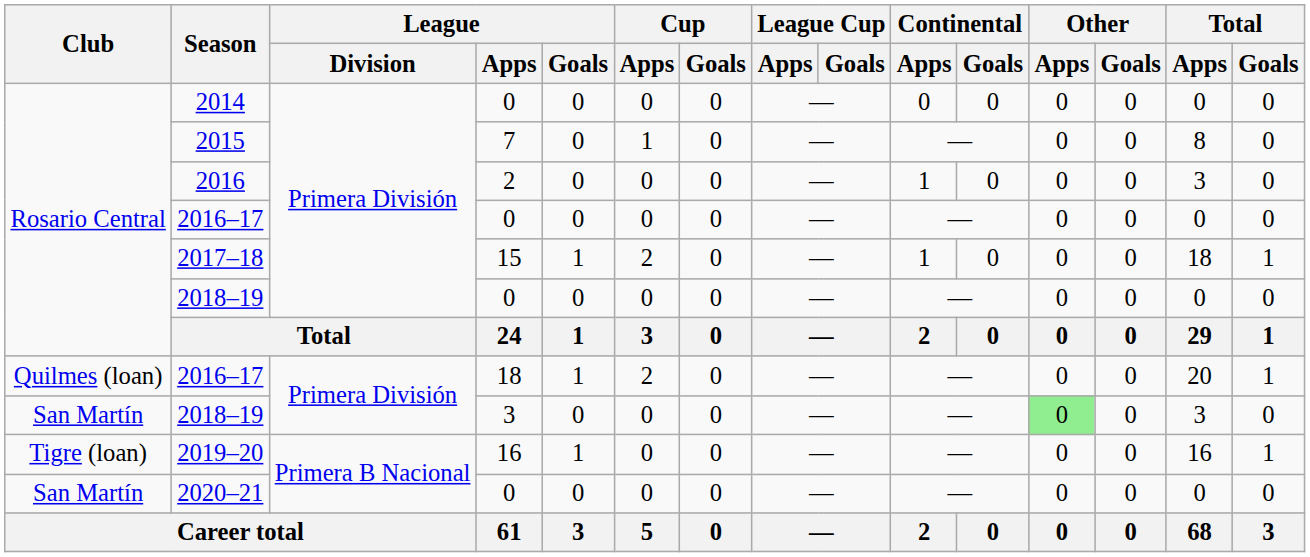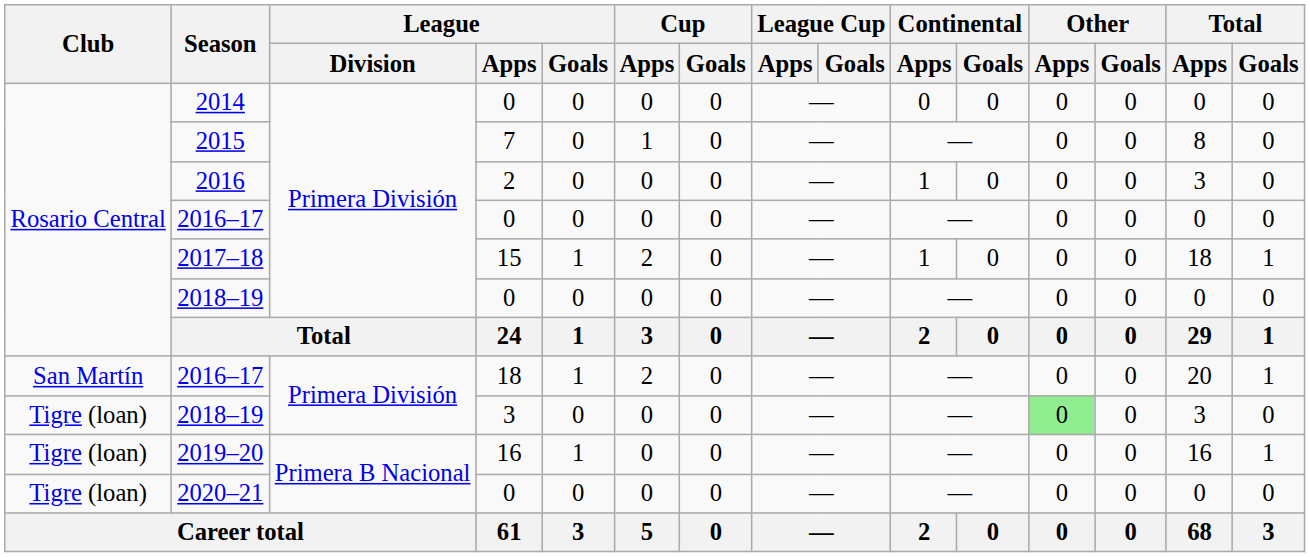 <table class="wikitable" style="text-align:center">
 <tr>
 <th rowspan="2">Club</th>
 <th rowspan="2">Season</th>
 <th colspan="3">League</th>
 <th colspan="2">Cup</th>
 <th colspan="2">League Cup</th>
 <th colspan="2">Continental</th>
 <th colspan="2">Other</th>
 <th colspan="2">Total</th>
 </tr>
 <tr>
 <th>Division</th>
 <th>Apps</th>
 <th>Goals</th>
 <th>Apps</th>
 <th>Goals</th>
 <th>Apps</th>
 <th>Goals</th>
 <th>Apps</th>
 <th>Goals</th>
 <th>Apps</th>
 <th>Goals</th>
 <th>Apps</th>
 <th>Goals</th>
 </tr>
 <tr>
 <td rowspan="7"><a href='#'>Rosario Central</a></td>
 <td><a href='#'>2014</a></td>
 <td rowspan="6"><a href='#'>Primera División</a></td>
 <td>0</td>
 <td>0</td>
 <td>0</td>
 <td>0</td>
 <td colspan="2">—</td>
 <td>0</td>
 <td>0</td>
 <td>0</td>
 <td>0</td>
 <td>0</td>
 <td>0</td>
 </tr>
 <tr>
 <td><a href='#'>2015</a></td>
 <td>7</td>
 <td>0</td>
 <td>1</td>
 <td>0</td>
 <td colspan="2">—</td>
 <td colspan="2">—</td>
 <td>0</td>
 <td>0</td>
 <td>8</td>
 <td>0</td>
 </tr>
 <tr>
 <td><a href='#'>2016</a></td>
 <td>2</td>
 <td>0</td>
 <td>0</td>
 <td>0</td>
 <td colspan="2">—</td>
 <td>1</td>
 <td>0</td>
 <td>0</td>
 <td>0</td>
 <td>3</td>
 <td>0</td>
 </tr>
 <tr>
 <td><a href='#'>2016–17</a></td>
 <td>0</td>
 <td>0</td>
 <td>0</td>
 <td>0</td>
 <td colspan="2">—</td>
 <td colspan="2">—</td>
 <td>0</td>
 <td>0</td>
 <td>0</td>
 <td>0</td>
 </tr>
 <tr>
 <td><a href='#'>2017–18</a></td>
 <td>15</td>
 <td>1</td>
 <td>2</td>
 <td>0</td>
 <td colspan="2">—</td>
 <td>1</td>
 <td>0</td>
 <td>0</td>
 <td>0</td>
 <td>18</td>
 <td>1</td>
 </tr>
 <tr>
 <td><a href='#'>2018–19</a></td>
 <td>0</td>
 <td>0</td>
 <td>0</td>
 <td>0</td>
 <td colspan="2">—</td>
 <td colspan="2">—</td>
 <td>0</td>
 <td>0</td>
 <td>0</td>
 <td>0</td>
 </tr>
 <tr>
 <th colspan="2">Total</th>
 <th>24</th>
 <th>1</th>
 <th>3</th>
 <th>0</th>
 <th colspan="2">—</th>
 <th>2</th>
 <th>0</th>
 <th>0</th>
 <th>0</th>
 <th>29</th>
 <th>1</th>
 </tr>
 <tr>
-<td rowspan="1"><a href='#'>Quilmes</a> (loan)</td>
+<td rowspan="1"><a href='#'>San Martín</a></td>
 <td><a href='#'>2016–17</a></td>
 <td rowspan="2"><a href='#'>Primera División</a></td>
 <td>18</td>
 <td>1</td>
 <td>2</td>
 <td>0</td>
 <td colspan="2">—</td>
 <td colspan="2">—</td>
 <td>0</td>
 <td>0</td>
 <td>20</td>
 <td>1</td>
 </tr>
 <tr>
-<td rowspan="1"><a href='#'>San Martín</a></td>
+<td rowspan="1"><a href='#'>Tigre</a> (loan)</td>
 <td><a href='#'>2018–19</a></td>
 <td>3</td>
 <td>0</td>
 <td>0</td>
 <td>0</td>
 <td colspan="2">—</td>
 <td colspan="2">—</td>
 <td style="background: lightgreen;">0</td>
 <td>0</td>
 <td>3</td>
 <td>0</td>
 </tr>
 <tr>
 <td rowspan="1"><a href='#'>Tigre</a> (loan)</td>
 <td><a href='#'>2019–20</a></td>
 <td rowspan="2"><a href='#'>Primera B Nacional</a></td>
 <td>16</td>
 <td>1</td>
 <td>0</td>
 <td>0</td>
 <td colspan="2">—</td>
 <td colspan="2">—</td>
 <td>0</td>
 <td>0</td>
 <td>16</td>
 <td>1</td>
 </tr>
 <tr>
-<td rowspan="1"><a href='#'>San Martín</a></td>
+<td rowspan="1"><a href='#'>Tigre</a> (loan)</td>
 <td><a href='#'>2020–21</a></td>
 <td>0</td>
 <td>0</td>
 <td>0</td>
 <td>0</td>
 <td colspan="2">—</td>
 <td colspan="2">—</td>
 <td>0</td>
 <td>0</td>
 <td>0</td>
 <td>0</td>
 </tr>
 <tr>
 <th colspan="3">Career total</th>
 <th>61</th>
 <th>3</th>
 <th>5</th>
 <th>0</th>
 <th colspan="2">—</th>
 <th>2</th>
 <th>0</th>
 <th>0</th>
 <th>0</th>
 <th>68</th>
 <th>3</th>
 </tr>
 </table>
